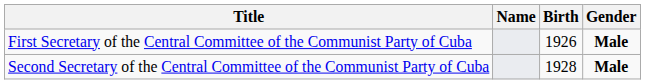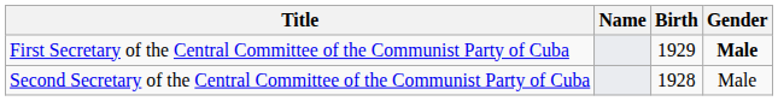 <table class="wikitable sortable" style=text-align:center>
 <tr>
 <th>Title</th>
 <th>Name</th>
 <th>Birth</th>
 <th>Gender</th>
 </tr>
 <tr>
 <td align="left"><a href='#'>First Secretary</a> of the <a href='#'>Central Committee of the Communist Party of Cuba</a></td>
 <td bgcolor = #EAECF0></td>
-<td>1926</td>
+<td>1929</td>
 <td><strong>Male</strong></td>
 </tr>
 <tr>
 <td align="left"><a href='#'>Second Secretary</a> of the <a href='#'>Central Committee of the Communist Party of Cuba</a></td>
 <td bgcolor = #EAECF0></td>
 <td>1928</td>
-<td><strong>Male</strong></td>
+<td>Male</td>
 </tr>
 </table>
